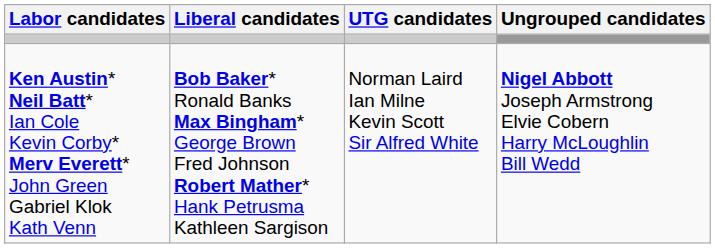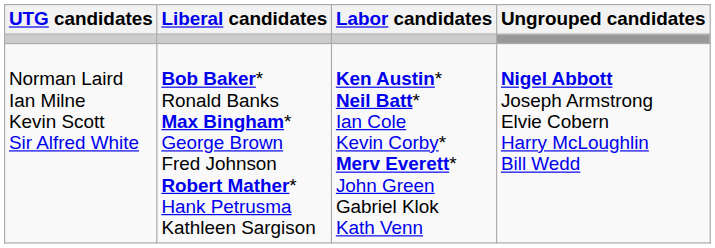 <table class="wikitable">
 <tr>
+<th><a href='#'>UTG</a> candidates</th>
+<th><a href='#'>Liberal</a> candidates</th>
 <th><a href='#'>Labor</a> candidates</th>
-<th><a href='#'>Liberal</a> candidates</th>
-<th><a href='#'>UTG</a> candidates</th>
 <th>Ungrouped candidates</th>
 </tr>
 <tr bgcolor="#cccccc">
 <td></td>
 <td></td>
 <td></td>
 <td bgcolor="#999999"></td>
 </tr>
 <tr>
+<td valign=top><br>Norman Laird<br> Ian Milne<br> Kevin Scott<br> <a href='#'>Sir Alfred White</a></td>
+<td><br><strong><a href='#'>Bob Baker</a></strong>*<br> Ronald Banks<br> <strong><a href='#'>Max Bingham</a></strong>*<br> <a href='#'>George Brown</a><br> Fred Johnson<br> <strong><a href='#'>Robert Mather</a></strong>*<br> <a href='#'>Hank Petrusma</a><br> Kathleen Sargison</td>
 <td><br><strong><a href='#'>Ken Austin</a></strong>*<br> <strong><a href='#'>Neil Batt</a></strong>*<br> <a href='#'>Ian Cole</a><br> <a href='#'>Kevin Corby</a>*<br> <strong><a href='#'>Merv Everett</a></strong>*<br> <a href='#'>John Green</a><br> Gabriel Klok<br> <a href='#'>Kath Venn</a></td>
-<td><br><strong><a href='#'>Bob Baker</a></strong>*<br> Ronald Banks<br> <strong><a href='#'>Max Bingham</a></strong>*<br> <a href='#'>George Brown</a><br> Fred Johnson<br> <strong><a href='#'>Robert Mather</a></strong>*<br> <a href='#'>Hank Petrusma</a><br> Kathleen Sargison</td>
-<td valign=top><br>Norman Laird<br> Ian Milne<br> Kevin Scott<br> <a href='#'>Sir Alfred White</a></td>
 <td valign=top><br><strong><a href='#'>Nigel Abbott</a></strong><br> Joseph Armstrong<br> Elvie Cobern<br> <a href='#'>Harry McLoughlin</a><br> <a href='#'>Bill Wedd</a></td>
 </tr>
 </table>
